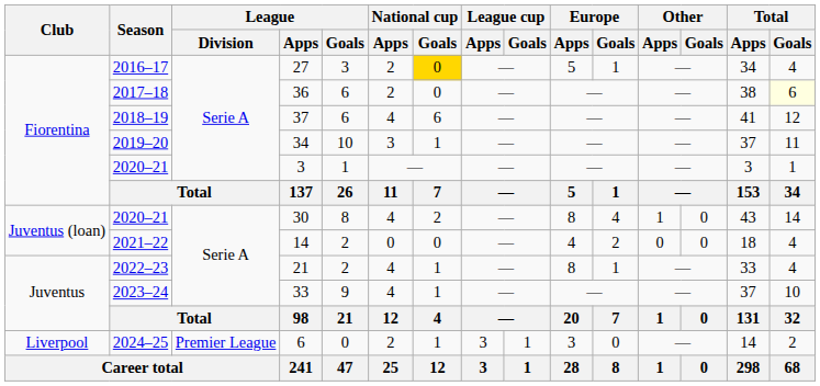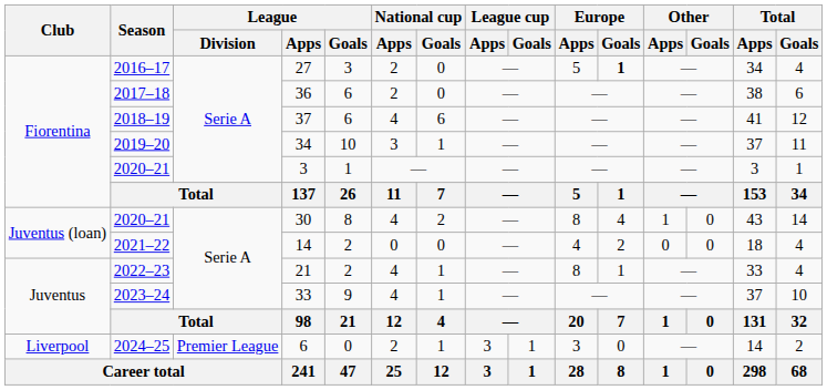 <table class="wikitable" style="text-align: center;">
 <tr>
 <th rowspan="2">Club</th>
 <th rowspan="2">Season</th>
 <th colspan="3">League</th>
 <th colspan="2">National cup</th>
 <th colspan="2">League cup</th>
 <th colspan="2">Europe</th>
 <th colspan="2">Other</th>
 <th colspan="2">Total</th>
 </tr>
 <tr>
 <th>Division</th>
 <th>Apps</th>
 <th>Goals</th>
 <th>Apps</th>
 <th>Goals</th>
 <th>Apps</th>
 <th>Goals</th>
 <th>Apps</th>
 <th>Goals</th>
 <th>Apps</th>
 <th>Goals</th>
 <th>Apps</th>
 <th>Goals</th>
 </tr>
 <tr>
 <td rowspan="6"><a href='#'>Fiorentina</a></td>
 <td><a href='#'>2016–17</a></td>
 <td rowspan="5"><a href='#'>Serie A</a></td>
 <td>27</td>
 <td>3</td>
 <td>2</td>
-<td style="background: gold;">0</td>
+<td>0</td>
 <td colspan="2">—</td>
 <td>5</td>
-<td>1</td>
+<td><strong>1</strong></td>
 <td colspan="2">—</td>
 <td>34</td>
 <td>4</td>
 </tr>
 <tr>
 <td><a href='#'>2017–18</a></td>
 <td>36</td>
 <td>6</td>
 <td>2</td>
 <td>0</td>
 <td colspan="2">—</td>
 <td colspan="2">—</td>
 <td colspan="2">—</td>
 <td>38</td>
-<td style="background: lightyellow;">6</td>
+<td>6</td>
 </tr>
 <tr>
 <td><a href='#'>2018–19</a></td>
 <td>37</td>
 <td>6</td>
 <td>4</td>
 <td>6</td>
 <td colspan="2">—</td>
 <td colspan="2">—</td>
 <td colspan="2">—</td>
 <td>41</td>
 <td>12</td>
 </tr>
 <tr>
 <td><a href='#'>2019–20</a></td>
 <td>34</td>
 <td>10</td>
 <td>3</td>
 <td>1</td>
 <td colspan="2">—</td>
 <td colspan="2">—</td>
 <td colspan="2">—</td>
 <td>37</td>
 <td>11</td>
 </tr>
 <tr>
 <td><a href='#'>2020–21</a></td>
 <td>3</td>
 <td>1</td>
 <td colspan="2">—</td>
 <td colspan="2">—</td>
 <td colspan="2">—</td>
 <td colspan="2">—</td>
 <td>3</td>
 <td>1</td>
 </tr>
 <tr>
 <th colspan="2">Total</th>
 <th>137</th>
 <th>26</th>
 <th>11</th>
 <th>7</th>
 <th colspan="2">—</th>
 <th>5</th>
 <th>1</th>
 <th colspan="2">—</th>
 <th>153</th>
 <th>34</th>
 </tr>
 <tr>
 <td rowspan="2"><a href='#'>Juventus</a> (loan)</td>
 <td><a href='#'>2020–21</a></td>
 <td rowspan="4">Serie A</td>
 <td>30</td>
 <td>8</td>
 <td>4</td>
 <td>2</td>
 <td colspan="2">—</td>
 <td>8</td>
 <td>4</td>
 <td>1</td>
 <td>0</td>
 <td>43</td>
 <td>14</td>
 </tr>
 <tr>
 <td><a href='#'>2021–22</a></td>
 <td>14</td>
 <td>2</td>
 <td>0</td>
 <td>0</td>
 <td colspan="2">—</td>
 <td>4</td>
 <td>2</td>
 <td>0</td>
 <td>0</td>
 <td>18</td>
 <td>4</td>
 </tr>
 <tr>
 <td rowspan="3">Juventus</td>
 <td><a href='#'>2022–23</a></td>
 <td>21</td>
 <td>2</td>
 <td>4</td>
 <td>1</td>
 <td colspan="2">—</td>
 <td>8</td>
 <td>1</td>
 <td colspan="2">—</td>
 <td>33</td>
 <td>4</td>
 </tr>
 <tr>
 <td><a href='#'>2023–24</a></td>
 <td>33</td>
 <td>9</td>
 <td>4</td>
 <td>1</td>
 <td colspan="2">—</td>
 <td colspan="2">—</td>
 <td colspan="2">—</td>
 <td>37</td>
 <td>10</td>
 </tr>
 <tr>
 <th colspan="2">Total</th>
 <th>98</th>
 <th>21</th>
 <th>12</th>
 <th>4</th>
 <th colspan="2">—</th>
 <th>20</th>
 <th>7</th>
 <th>1</th>
 <th>0</th>
 <th>131</th>
 <th>32</th>
 </tr>
 <tr>
 <td><a href='#'>Liverpool</a></td>
 <td><a href='#'>2024–25</a></td>
 <td><a href='#'>Premier League</a></td>
 <td>6</td>
 <td>0</td>
 <td>2</td>
 <td>1</td>
 <td>3</td>
 <td>1</td>
 <td>3</td>
 <td>0</td>
 <td colspan="2">—</td>
 <td>14</td>
 <td>2</td>
 </tr>
 <tr>
 <th colspan="3">Career total</th>
 <th>241</th>
 <th>47</th>
 <th>25</th>
 <th>12</th>
 <th>3</th>
 <th>1</th>
 <th>28</th>
 <th>8</th>
 <th>1</th>
 <th>0</th>
 <th>298</th>
 <th>68</th>
 </tr>
 </table>
